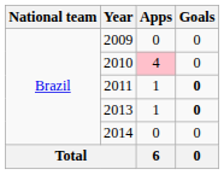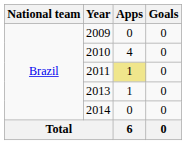 <table class="wikitable" style="text-align:center">
 <tr>
 <th>National team</th>
 <th>Year</th>
 <th>Apps</th>
 <th>Goals</th>
 </tr>
 <tr>
 <td rowspan="5"><a href='#'>Brazil</a></td>
 <td>2009</td>
 <td>0</td>
 <td>0</td>
 </tr>
 <tr>
 <td>2010</td>
-<td style="background: pink;">4</td>
+<td>4</td>
 <td>0</td>
 </tr>
 <tr>
 <td>2011</td>
-<td>1</td>
-<td><strong>0</strong></td>
+<td style="background: khaki;">1</td>
+<td>0</td>
 </tr>
 <tr>
 <td>2013</td>
 <td>1</td>
-<td><strong>0</strong></td>
+<td>0</td>
 </tr>
 <tr>
 <td>2014</td>
 <td>0</td>
 <td>0</td>
 </tr>
 <tr>
 <th colspan="2">Total</th>
 <th>6</th>
 <th>0</th>
 </tr>
 </table>
